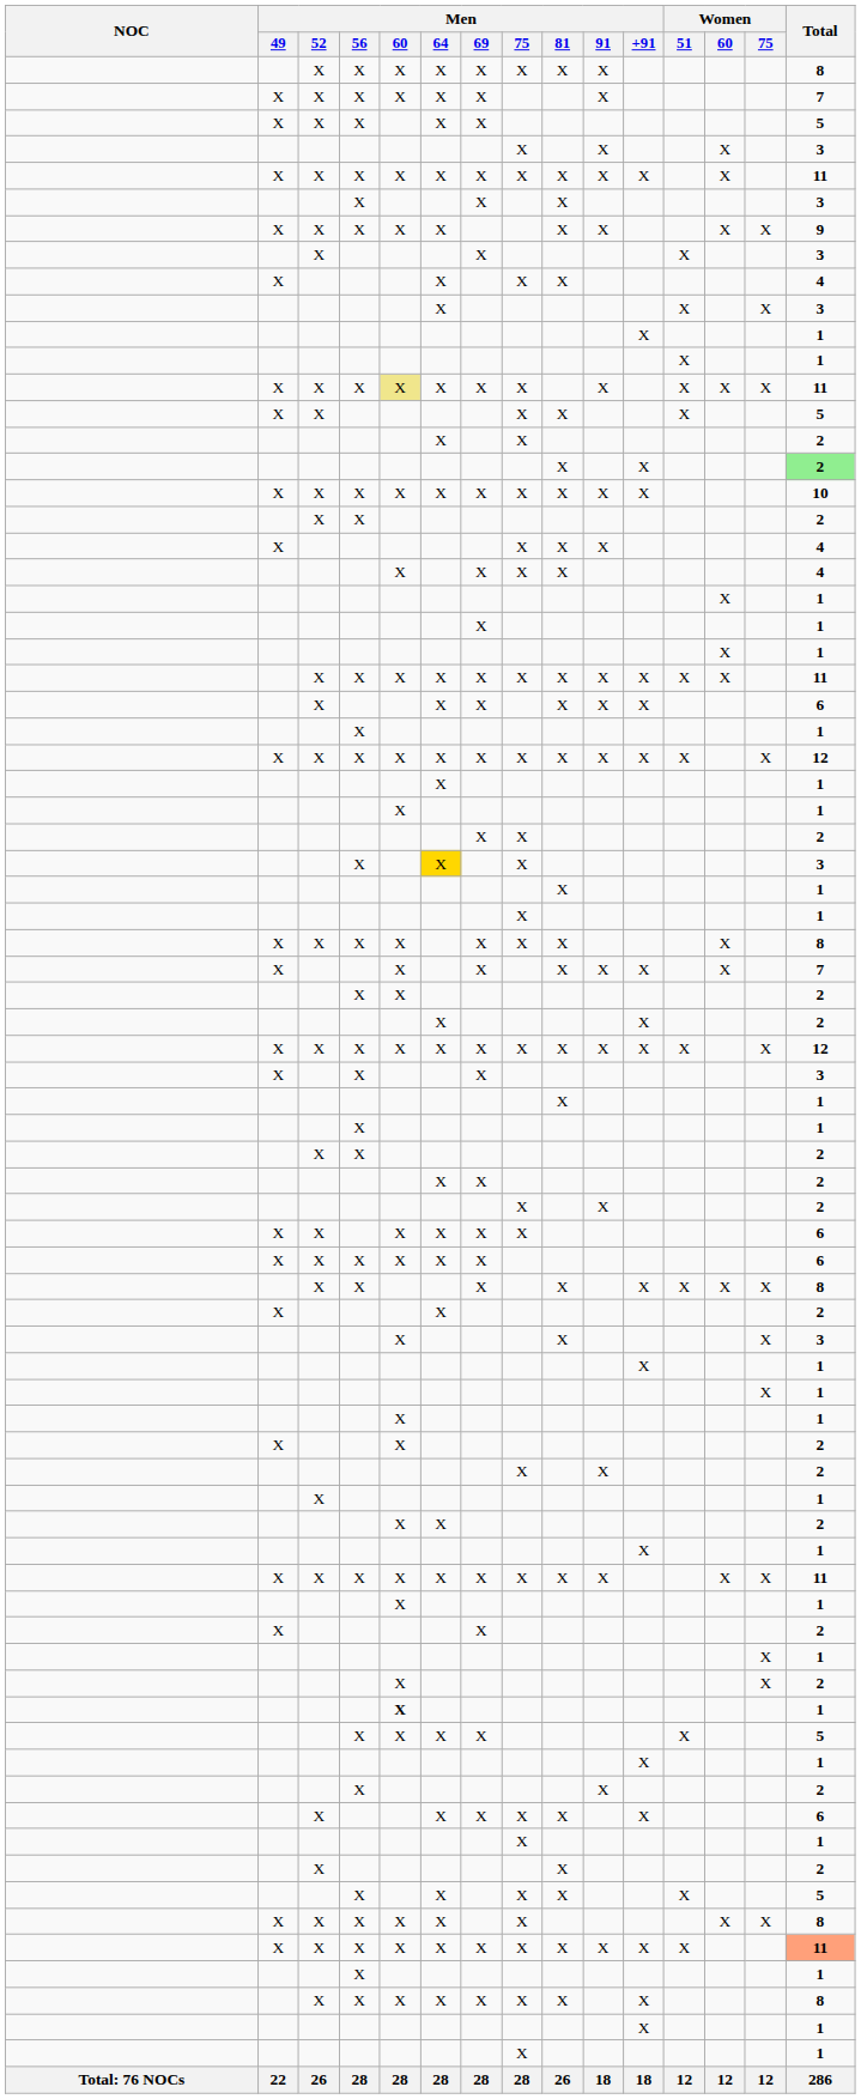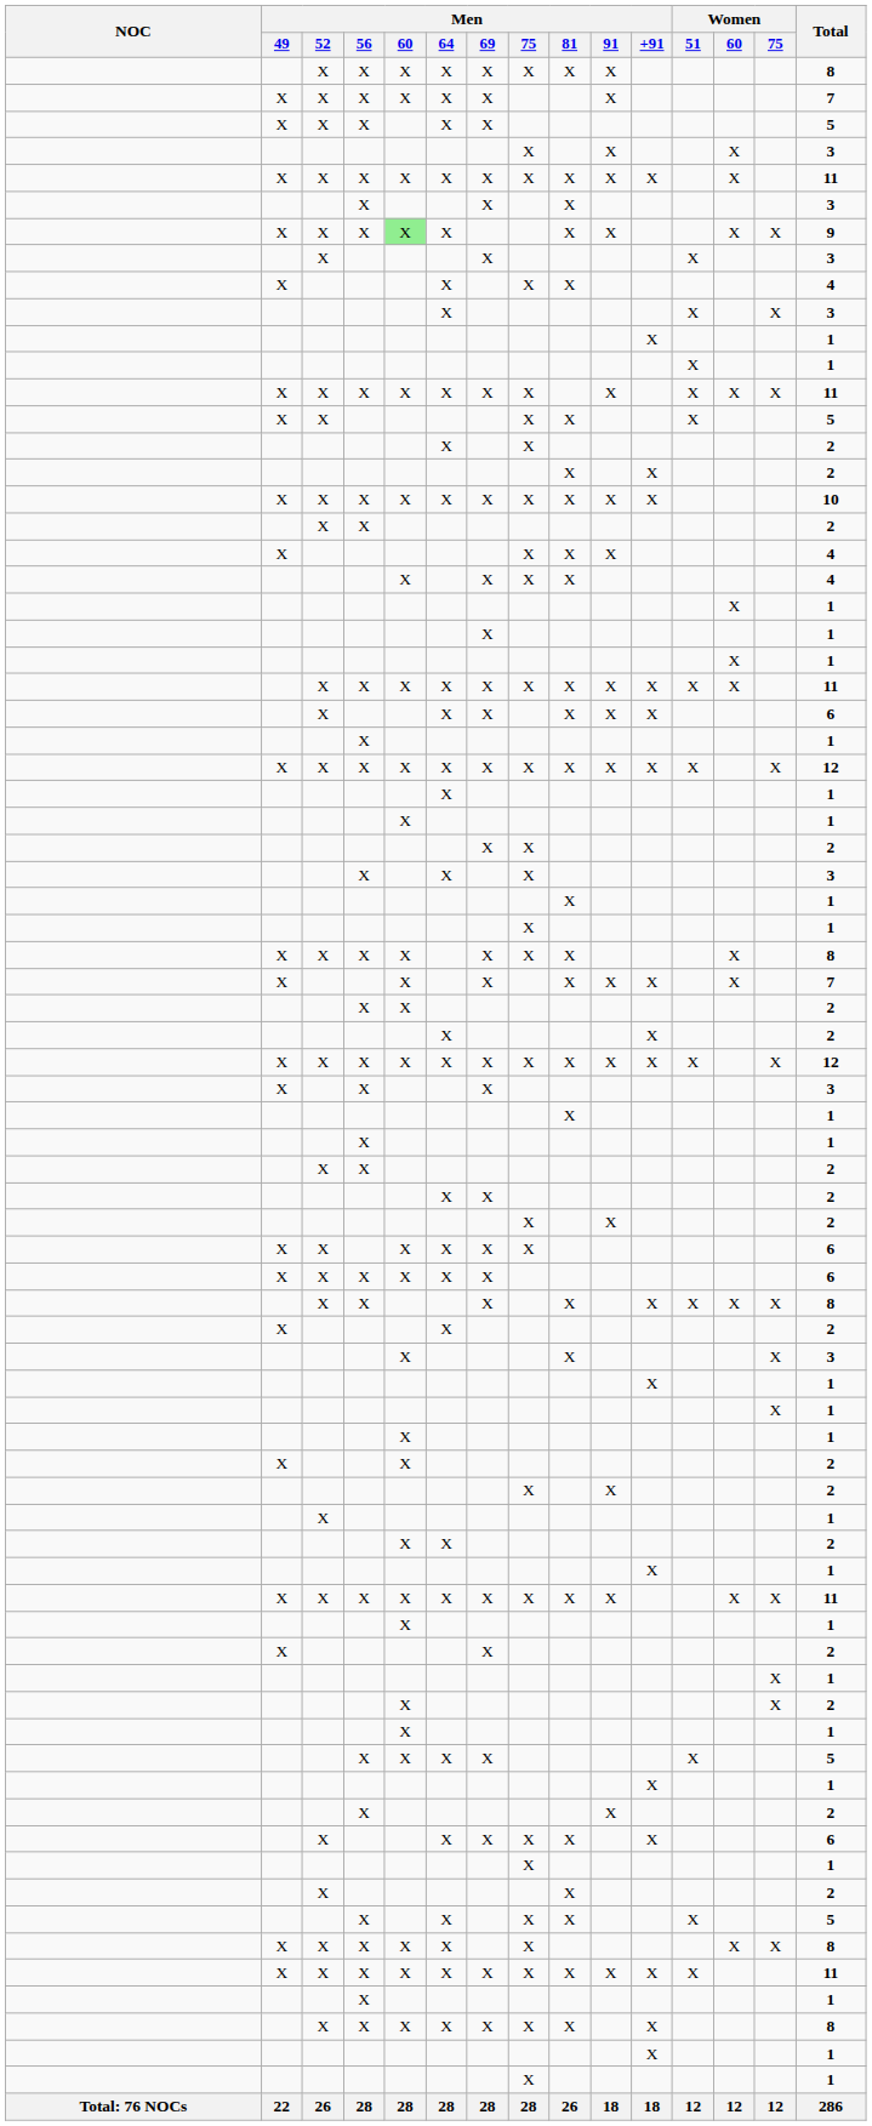 <table class="wikitable" style="text-align:center; font-size:90%">
 <tr>
 <th rowspan="2" width=220 style="text-align:center;">NOC</th>
 <th colspan="10">Men</th>
 <th colspan=3>Women</th>
 <th ! width=55 rowspan="2">Total</th>
 </tr>
 <tr style="font-size: 95%">
 <th width=30><a href='#'>49</a></th>
 <th width=30><a href='#'>52</a></th>
 <th width=30><a href='#'>56</a></th>
 <th width=30><a href='#'>60</a></th>
 <th width=30><a href='#'>64</a></th>
 <th width=30><a href='#'>69</a></th>
 <th width=30><a href='#'>75</a></th>
 <th width=30><a href='#'>81</a></th>
 <th width=30><a href='#'>91</a></th>
 <th width=30><a href='#'>+91</a></th>
 <th width=30><a href='#'>51</a></th>
 <th width=30><a href='#'>60</a></th>
 <th width=30><a href='#'>75</a></th>
 </tr>
 <tr>
 <td style="text-align:left;"></td>
 <td></td>
 <td>X</td>
 <td>X</td>
 <td>X</td>
 <td>X</td>
 <td>X</td>
 <td>X</td>
 <td>X</td>
 <td>X</td>
 <td></td>
 <td></td>
 <td></td>
 <td></td>
 <td><strong>8</strong></td>
 </tr>
 <tr>
 <td style="text-align:left;"></td>
 <td>X</td>
 <td>X</td>
 <td>X</td>
 <td>X</td>
 <td>X</td>
 <td>X</td>
 <td></td>
 <td></td>
 <td>X</td>
 <td></td>
 <td></td>
 <td></td>
 <td></td>
 <td><strong>7</strong></td>
 </tr>
 <tr>
 <td style="text-align:left;"></td>
 <td>X</td>
 <td>X</td>
 <td>X</td>
 <td></td>
 <td>X</td>
 <td>X</td>
 <td></td>
 <td></td>
 <td></td>
 <td></td>
 <td></td>
 <td></td>
 <td></td>
 <td><strong>5</strong></td>
 </tr>
 <tr>
 <td style="text-align:left;"></td>
 <td></td>
 <td></td>
 <td></td>
 <td></td>
 <td></td>
 <td></td>
 <td>X</td>
 <td></td>
 <td>X</td>
 <td></td>
 <td></td>
 <td>X</td>
 <td></td>
 <td><strong>3</strong></td>
 </tr>
 <tr>
 <td style="text-align:left;"></td>
 <td>X</td>
 <td>X</td>
 <td>X</td>
 <td>X</td>
 <td>X</td>
 <td>X</td>
 <td>X</td>
 <td>X</td>
 <td>X</td>
 <td>X</td>
 <td></td>
 <td>X</td>
 <td></td>
 <td><strong>11</strong></td>
 </tr>
 <tr>
 <td style="text-align:left;"></td>
 <td></td>
 <td></td>
 <td>X</td>
 <td></td>
 <td></td>
 <td>X</td>
 <td></td>
 <td>X</td>
 <td></td>
 <td></td>
 <td></td>
 <td></td>
 <td></td>
 <td><strong>3</strong></td>
 </tr>
 <tr>
 <td style="text-align:left;"></td>
 <td>X</td>
 <td>X</td>
 <td>X</td>
-<td>X</td>
+<td style="background: lightgreen;">X</td>
 <td>X</td>
 <td></td>
 <td></td>
 <td>X</td>
 <td>X</td>
 <td></td>
 <td></td>
 <td>X</td>
 <td>X</td>
 <td><strong>9</strong></td>
 </tr>
 <tr>
 <td style="text-align:left;"></td>
 <td></td>
 <td>X</td>
 <td></td>
 <td></td>
 <td></td>
 <td>X</td>
 <td></td>
 <td></td>
 <td></td>
 <td></td>
 <td>X</td>
 <td></td>
 <td></td>
 <td><strong>3</strong></td>
 </tr>
 <tr>
 <td style="text-align:left;"></td>
 <td>X</td>
 <td></td>
 <td></td>
 <td></td>
 <td>X</td>
 <td></td>
 <td>X</td>
 <td>X</td>
 <td></td>
 <td></td>
 <td></td>
 <td></td>
 <td></td>
 <td><strong>4</strong></td>
 </tr>
 <tr>
 <td style="text-align:left;"></td>
 <td></td>
 <td></td>
 <td></td>
 <td></td>
 <td>X</td>
 <td></td>
 <td></td>
 <td></td>
 <td></td>
 <td></td>
 <td>X</td>
 <td></td>
 <td>X</td>
 <td><strong>3</strong></td>
 </tr>
 <tr>
 <td style="text-align:left;"></td>
 <td></td>
 <td></td>
 <td></td>
 <td></td>
 <td></td>
 <td></td>
 <td></td>
 <td></td>
 <td></td>
 <td>X</td>
 <td></td>
 <td></td>
 <td></td>
 <td><strong>1</strong></td>
 </tr>
 <tr>
 <td style="text-align:left;"></td>
 <td></td>
 <td></td>
 <td></td>
 <td></td>
 <td></td>
 <td></td>
 <td></td>
 <td></td>
 <td></td>
 <td></td>
 <td>X</td>
 <td></td>
 <td></td>
 <td><strong>1</strong></td>
 </tr>
 <tr>
 <td style="text-align:left;"></td>
 <td>X</td>
 <td>X</td>
 <td>X</td>
-<td style="background: khaki;">X</td>
+<td>X</td>
 <td>X</td>
 <td>X</td>
 <td>X</td>
 <td></td>
 <td>X</td>
 <td></td>
 <td>X</td>
 <td>X</td>
 <td>X</td>
 <td><strong>11</strong></td>
 </tr>
 <tr>
 <td style="text-align:left;"></td>
 <td>X</td>
 <td>X</td>
 <td></td>
 <td></td>
 <td></td>
 <td></td>
 <td>X</td>
 <td>X</td>
 <td></td>
 <td></td>
 <td>X</td>
 <td></td>
 <td></td>
 <td><strong>5</strong></td>
 </tr>
 <tr>
 <td style="text-align:left;"></td>
 <td></td>
 <td></td>
 <td></td>
 <td></td>
 <td>X</td>
 <td></td>
 <td>X</td>
 <td></td>
 <td></td>
 <td></td>
 <td></td>
 <td></td>
 <td></td>
 <td><strong>2</strong></td>
 </tr>
 <tr>
 <td style="text-align:left;"></td>
 <td></td>
 <td></td>
 <td></td>
 <td></td>
 <td></td>
 <td></td>
 <td></td>
 <td>X</td>
 <td></td>
 <td>X</td>
 <td></td>
 <td></td>
 <td></td>
-<td style="background: lightgreen;"><strong>2</strong></td>
+<td><strong>2</strong></td>
 </tr>
 <tr>
 <td style="text-align:left;"></td>
 <td>X</td>
 <td>X</td>
 <td>X</td>
 <td>X</td>
 <td>X</td>
 <td>X</td>
 <td>X</td>
 <td>X</td>
 <td>X</td>
 <td>X</td>
 <td></td>
 <td></td>
 <td></td>
 <td><strong>10</strong></td>
 </tr>
 <tr>
 <td style="text-align:left;"></td>
 <td></td>
 <td>X</td>
 <td>X</td>
 <td></td>
 <td></td>
 <td></td>
 <td></td>
 <td></td>
 <td></td>
 <td></td>
 <td></td>
 <td></td>
 <td></td>
 <td><strong>2</strong></td>
 </tr>
 <tr>
 <td style="text-align:left;"></td>
 <td>X</td>
 <td></td>
 <td></td>
 <td></td>
 <td></td>
 <td></td>
 <td>X</td>
 <td>X</td>
 <td>X</td>
 <td></td>
 <td></td>
 <td></td>
 <td></td>
 <td><strong>4</strong></td>
 </tr>
 <tr>
 <td style="text-align:left;"></td>
 <td></td>
 <td></td>
 <td></td>
 <td>X</td>
 <td></td>
 <td>X</td>
 <td>X</td>
 <td>X</td>
 <td></td>
 <td></td>
 <td></td>
 <td></td>
 <td></td>
 <td><strong>4</strong></td>
 </tr>
 <tr>
 <td style="text-align:left;"></td>
 <td></td>
 <td></td>
 <td></td>
 <td></td>
 <td></td>
 <td></td>
 <td></td>
 <td></td>
 <td></td>
 <td></td>
 <td></td>
 <td>X</td>
 <td></td>
 <td><strong>1</strong></td>
 </tr>
 <tr>
 <td style="text-align:left;"></td>
 <td></td>
 <td></td>
 <td></td>
 <td></td>
 <td></td>
 <td>X</td>
 <td></td>
 <td></td>
 <td></td>
 <td></td>
 <td></td>
 <td></td>
 <td></td>
 <td><strong>1</strong></td>
 </tr>
 <tr>
 <td style="text-align:left;"></td>
 <td></td>
 <td></td>
 <td></td>
 <td></td>
 <td></td>
 <td></td>
 <td></td>
 <td></td>
 <td></td>
 <td></td>
 <td></td>
 <td>X</td>
 <td></td>
 <td><strong>1</strong></td>
 </tr>
 <tr>
 <td style="text-align:left;"></td>
 <td></td>
 <td>X</td>
 <td>X</td>
 <td>X</td>
 <td>X</td>
 <td>X</td>
 <td>X</td>
 <td>X</td>
 <td>X</td>
 <td>X</td>
 <td>X</td>
 <td>X</td>
 <td></td>
 <td><strong>11</strong></td>
 </tr>
 <tr>
 <td style="text-align:left;"></td>
 <td></td>
 <td>X</td>
 <td></td>
 <td></td>
 <td>X</td>
 <td>X</td>
 <td></td>
 <td>X</td>
 <td>X</td>
 <td>X</td>
 <td></td>
 <td></td>
 <td></td>
 <td><strong>6</strong></td>
 </tr>
 <tr>
 <td style="text-align:left;"></td>
 <td></td>
 <td></td>
 <td>X</td>
 <td></td>
 <td></td>
 <td></td>
 <td></td>
 <td></td>
 <td></td>
 <td></td>
 <td></td>
 <td></td>
 <td></td>
 <td><strong>1</strong></td>
 </tr>
 <tr>
 <td style="text-align:left;"></td>
 <td>X</td>
 <td>X</td>
 <td>X</td>
 <td>X</td>
 <td>X</td>
 <td>X</td>
 <td>X</td>
 <td>X</td>
 <td>X</td>
 <td>X</td>
 <td>X</td>
 <td></td>
 <td>X</td>
 <td><strong>12</strong></td>
 </tr>
 <tr>
 <td style="text-align:left;"></td>
 <td></td>
 <td></td>
 <td></td>
 <td></td>
 <td>X</td>
 <td></td>
 <td></td>
 <td></td>
 <td></td>
 <td></td>
 <td></td>
 <td></td>
 <td></td>
 <td><strong>1</strong></td>
 </tr>
 <tr>
 <td style="text-align:left;"></td>
 <td></td>
 <td></td>
 <td></td>
 <td>X</td>
 <td></td>
 <td></td>
 <td></td>
 <td></td>
 <td></td>
 <td></td>
 <td></td>
 <td></td>
 <td></td>
 <td><strong>1</strong></td>
 </tr>
 <tr>
 <td style="text-align:left;"></td>
 <td></td>
 <td></td>
 <td></td>
 <td></td>
 <td></td>
 <td>X</td>
 <td>X</td>
 <td></td>
 <td></td>
 <td></td>
 <td></td>
 <td></td>
 <td></td>
 <td><strong>2</strong></td>
 </tr>
 <tr>
 <td style="text-align:left;"></td>
 <td></td>
 <td></td>
 <td>X</td>
 <td></td>
-<td style="background: gold;">X</td>
+<td>X</td>
 <td></td>
 <td>X</td>
 <td></td>
 <td></td>
 <td></td>
 <td></td>
 <td></td>
 <td></td>
 <td><strong>3</strong></td>
 </tr>
 <tr>
 <td style="text-align:left;"></td>
 <td></td>
 <td></td>
 <td></td>
 <td></td>
 <td></td>
 <td></td>
 <td></td>
 <td>X</td>
 <td></td>
 <td></td>
 <td></td>
 <td></td>
 <td></td>
 <td><strong>1</strong></td>
 </tr>
 <tr>
 <td style="text-align:left;"></td>
 <td></td>
 <td></td>
 <td></td>
 <td></td>
 <td></td>
 <td></td>
 <td>X</td>
 <td></td>
 <td></td>
 <td></td>
 <td></td>
 <td></td>
 <td></td>
 <td><strong>1</strong></td>
 </tr>
 <tr>
 <td style="text-align:left;"></td>
 <td>X</td>
 <td>X</td>
 <td>X</td>
 <td>X</td>
 <td></td>
 <td>X</td>
 <td>X</td>
 <td>X</td>
 <td></td>
 <td></td>
 <td></td>
 <td>X</td>
 <td></td>
 <td><strong>8</strong></td>
 </tr>
 <tr>
 <td style="text-align:left;"></td>
 <td>X</td>
 <td></td>
 <td></td>
 <td>X</td>
 <td></td>
 <td>X</td>
 <td></td>
 <td>X</td>
 <td>X</td>
 <td>X</td>
 <td></td>
 <td>X</td>
 <td></td>
 <td><strong>7</strong></td>
 </tr>
 <tr>
 <td style="text-align:left;"></td>
 <td></td>
 <td></td>
 <td>X</td>
 <td>X</td>
 <td></td>
 <td></td>
 <td></td>
 <td></td>
 <td></td>
 <td></td>
 <td></td>
 <td></td>
 <td></td>
 <td><strong>2</strong></td>
 </tr>
 <tr>
 <td style="text-align:left;"></td>
 <td></td>
 <td></td>
 <td></td>
 <td></td>
 <td>X</td>
 <td></td>
 <td></td>
 <td></td>
 <td></td>
 <td>X</td>
 <td></td>
 <td></td>
 <td></td>
 <td><strong>2</strong></td>
 </tr>
 <tr>
 <td style="text-align:left;"></td>
 <td>X</td>
 <td>X</td>
 <td>X</td>
 <td>X</td>
 <td>X</td>
 <td>X</td>
 <td>X</td>
 <td>X</td>
 <td>X</td>
 <td>X</td>
 <td>X</td>
 <td></td>
 <td>X</td>
 <td><strong>12</strong></td>
 </tr>
 <tr>
 <td style="text-align:left;"></td>
 <td>X</td>
 <td></td>
 <td>X</td>
 <td></td>
 <td></td>
 <td>X</td>
 <td></td>
 <td></td>
 <td></td>
 <td></td>
 <td></td>
 <td></td>
 <td></td>
 <td><strong>3</strong></td>
 </tr>
 <tr>
 <td style="text-align:left;"></td>
 <td></td>
 <td></td>
 <td></td>
 <td></td>
 <td></td>
 <td></td>
 <td></td>
 <td>X</td>
 <td></td>
 <td></td>
 <td></td>
 <td></td>
 <td></td>
 <td><strong>1</strong></td>
 </tr>
 <tr>
 <td style="text-align:left;"></td>
 <td></td>
 <td></td>
 <td>X</td>
 <td></td>
 <td></td>
 <td></td>
 <td></td>
 <td></td>
 <td></td>
 <td></td>
 <td></td>
 <td></td>
 <td></td>
 <td><strong>1</strong></td>
 </tr>
 <tr>
 <td style="text-align:left;"></td>
 <td></td>
 <td>X</td>
 <td>X</td>
 <td></td>
 <td></td>
 <td></td>
 <td></td>
 <td></td>
 <td></td>
 <td></td>
 <td></td>
 <td></td>
 <td></td>
 <td><strong>2</strong></td>
 </tr>
 <tr>
 <td style="text-align:left;"></td>
 <td></td>
 <td></td>
 <td></td>
 <td></td>
 <td>X</td>
 <td>X</td>
 <td></td>
 <td></td>
 <td></td>
 <td></td>
 <td></td>
 <td></td>
 <td></td>
 <td><strong>2</strong></td>
 </tr>
 <tr>
 <td style="text-align:left;"></td>
 <td></td>
 <td></td>
 <td></td>
 <td></td>
 <td></td>
 <td></td>
 <td>X</td>
 <td></td>
 <td>X</td>
 <td></td>
 <td></td>
 <td></td>
 <td></td>
 <td><strong>2</strong></td>
 </tr>
 <tr>
 <td style="text-align:left;"></td>
 <td>X</td>
 <td>X</td>
 <td></td>
 <td>X</td>
 <td>X</td>
 <td>X</td>
 <td>X</td>
 <td></td>
 <td></td>
 <td></td>
 <td></td>
 <td></td>
 <td></td>
 <td><strong>6</strong></td>
 </tr>
 <tr>
 <td style="text-align:left;"></td>
 <td>X</td>
 <td>X</td>
 <td>X</td>
 <td>X</td>
 <td>X</td>
 <td>X</td>
 <td></td>
 <td></td>
 <td></td>
 <td></td>
 <td></td>
 <td></td>
 <td></td>
 <td><strong>6</strong></td>
 </tr>
 <tr>
 <td style="text-align:left;"></td>
 <td></td>
 <td>X</td>
 <td>X</td>
 <td></td>
 <td></td>
 <td>X</td>
 <td></td>
 <td>X</td>
 <td></td>
 <td>X</td>
 <td>X</td>
 <td>X</td>
 <td>X</td>
 <td><strong>8</strong></td>
 </tr>
 <tr>
 <td style="text-align:left;"></td>
 <td>X</td>
 <td></td>
 <td></td>
 <td></td>
 <td>X</td>
 <td></td>
 <td></td>
 <td></td>
 <td></td>
 <td></td>
 <td></td>
 <td></td>
 <td></td>
 <td><strong>2</strong></td>
 </tr>
 <tr>
 <td style="text-align:left;"></td>
 <td></td>
 <td></td>
 <td></td>
 <td>X</td>
 <td></td>
 <td></td>
 <td></td>
 <td>X</td>
 <td></td>
 <td></td>
 <td></td>
 <td></td>
 <td>X</td>
 <td><strong>3</strong></td>
 </tr>
 <tr>
 <td style="text-align:left;"></td>
 <td></td>
 <td></td>
 <td></td>
 <td></td>
 <td></td>
 <td></td>
 <td></td>
 <td></td>
 <td></td>
 <td>X</td>
 <td></td>
 <td></td>
 <td></td>
 <td><strong>1</strong></td>
 </tr>
 <tr>
 <td style="text-align:left;"></td>
 <td></td>
 <td></td>
 <td></td>
 <td></td>
 <td></td>
 <td></td>
 <td></td>
 <td></td>
 <td></td>
 <td></td>
 <td></td>
 <td></td>
 <td>X</td>
 <td><strong>1</strong></td>
 </tr>
 <tr>
 <td style="text-align:left;"></td>
 <td></td>
 <td></td>
 <td></td>
 <td>X</td>
 <td></td>
 <td></td>
 <td></td>
 <td></td>
 <td></td>
 <td></td>
 <td></td>
 <td></td>
 <td></td>
 <td><strong>1</strong></td>
 </tr>
 <tr>
 <td style="text-align:left;"></td>
 <td>X</td>
 <td></td>
 <td></td>
 <td>X</td>
 <td></td>
 <td></td>
 <td></td>
 <td></td>
 <td></td>
 <td></td>
 <td></td>
 <td></td>
 <td></td>
 <td><strong>2</strong></td>
 </tr>
 <tr>
 <td style="text-align:left;"></td>
 <td></td>
 <td></td>
 <td></td>
 <td></td>
 <td></td>
 <td></td>
 <td>X</td>
 <td></td>
 <td>X</td>
 <td></td>
 <td></td>
 <td></td>
 <td></td>
 <td><strong>2</strong></td>
 </tr>
 <tr>
 <td style="text-align:left;"></td>
 <td></td>
 <td>X</td>
 <td></td>
 <td></td>
 <td></td>
 <td></td>
 <td></td>
 <td></td>
 <td></td>
 <td></td>
 <td></td>
 <td></td>
 <td></td>
 <td><strong>1</strong></td>
 </tr>
 <tr>
 <td style="text-align:left;"></td>
 <td></td>
 <td></td>
 <td></td>
 <td>X</td>
 <td>X</td>
 <td></td>
 <td></td>
 <td></td>
 <td></td>
 <td></td>
 <td></td>
 <td></td>
 <td></td>
 <td><strong>2</strong></td>
 </tr>
 <tr>
 <td style="text-align:left;"></td>
 <td></td>
 <td></td>
 <td></td>
 <td></td>
 <td></td>
 <td></td>
 <td></td>
 <td></td>
 <td></td>
 <td>X</td>
 <td></td>
 <td></td>
 <td></td>
 <td><strong>1</strong></td>
 </tr>
 <tr>
 <td style="text-align:left;"></td>
 <td>X</td>
 <td>X</td>
 <td>X</td>
 <td>X</td>
 <td>X</td>
 <td>X</td>
 <td>X</td>
 <td>X</td>
 <td>X</td>
 <td></td>
 <td></td>
 <td>X</td>
 <td>X</td>
 <td><strong>11</strong></td>
 </tr>
 <tr>
 <td style="text-align:left;"></td>
 <td></td>
 <td></td>
 <td></td>
 <td>X</td>
 <td></td>
 <td></td>
 <td></td>
 <td></td>
 <td></td>
 <td></td>
 <td></td>
 <td></td>
 <td></td>
 <td><strong>1</strong></td>
 </tr>
 <tr>
 <td style="text-align:left;"></td>
 <td>X</td>
 <td></td>
 <td></td>
 <td></td>
 <td></td>
 <td>X</td>
 <td></td>
 <td></td>
 <td></td>
 <td></td>
 <td></td>
 <td></td>
 <td></td>
 <td><strong>2</strong></td>
 </tr>
 <tr>
 <td style="text-align:left;"></td>
 <td></td>
 <td></td>
 <td></td>
 <td></td>
 <td></td>
 <td></td>
 <td></td>
 <td></td>
 <td></td>
 <td></td>
 <td></td>
 <td></td>
 <td>X</td>
 <td><strong>1</strong></td>
 </tr>
 <tr>
 <td style="text-align:left;"></td>
 <td></td>
 <td></td>
 <td></td>
 <td>X</td>
 <td></td>
 <td></td>
 <td></td>
 <td></td>
 <td></td>
 <td></td>
 <td></td>
 <td></td>
 <td>X</td>
 <td><strong>2</strong></td>
 </tr>
 <tr>
 <td style="text-align:left;"></td>
 <td></td>
 <td></td>
 <td></td>
-<td><strong>X</strong></td>
+<td>X</td>
 <td></td>
 <td></td>
 <td></td>
 <td></td>
 <td></td>
 <td></td>
 <td></td>
 <td></td>
 <td></td>
 <td><strong>1</strong></td>
 </tr>
 <tr>
 <td style="text-align:left;"></td>
 <td></td>
 <td></td>
 <td>X</td>
 <td>X</td>
 <td>X</td>
 <td>X</td>
 <td></td>
 <td></td>
 <td></td>
 <td></td>
 <td>X</td>
 <td></td>
 <td></td>
 <td><strong>5</strong></td>
 </tr>
 <tr>
 <td style="text-align:left;"></td>
 <td></td>
 <td></td>
 <td></td>
 <td></td>
 <td></td>
 <td></td>
 <td></td>
 <td></td>
 <td></td>
 <td>X</td>
 <td></td>
 <td></td>
 <td></td>
 <td><strong>1</strong></td>
 </tr>
 <tr>
 <td style="text-align:left;"></td>
 <td></td>
 <td></td>
 <td>X</td>
 <td></td>
 <td></td>
 <td></td>
 <td></td>
 <td></td>
 <td>X</td>
 <td></td>
 <td></td>
 <td></td>
 <td></td>
 <td><strong>2</strong></td>
 </tr>
 <tr>
 <td style="text-align:left;"></td>
 <td></td>
 <td>X</td>
 <td></td>
 <td></td>
 <td>X</td>
 <td>X</td>
 <td>X</td>
 <td>X</td>
 <td></td>
 <td>X</td>
 <td></td>
 <td></td>
 <td></td>
 <td><strong>6</strong></td>
 </tr>
 <tr>
 <td style="text-align:left;"></td>
 <td></td>
 <td></td>
 <td></td>
 <td></td>
 <td></td>
 <td></td>
 <td>X</td>
 <td></td>
 <td></td>
 <td></td>
 <td></td>
 <td></td>
 <td></td>
 <td><strong>1</strong></td>
 </tr>
 <tr>
 <td style="text-align:left;"></td>
 <td></td>
 <td>X</td>
 <td></td>
 <td></td>
 <td></td>
 <td></td>
 <td></td>
 <td>X</td>
 <td></td>
 <td></td>
 <td></td>
 <td></td>
 <td></td>
 <td><strong>2</strong></td>
 </tr>
 <tr>
 <td style="text-align:left;"></td>
 <td></td>
 <td></td>
 <td>X</td>
 <td></td>
 <td>X</td>
 <td></td>
 <td>X</td>
 <td>X</td>
 <td></td>
 <td></td>
 <td>X</td>
 <td></td>
 <td></td>
 <td><strong>5</strong></td>
 </tr>
 <tr>
 <td style="text-align:left;"></td>
 <td>X</td>
 <td>X</td>
 <td>X</td>
 <td>X</td>
 <td>X</td>
 <td></td>
 <td>X</td>
 <td></td>
 <td></td>
 <td></td>
 <td></td>
 <td>X</td>
 <td>X</td>
 <td><strong>8</strong></td>
 </tr>
 <tr>
 <td style="text-align:left;"></td>
 <td>X</td>
 <td>X</td>
 <td>X</td>
 <td>X</td>
 <td>X</td>
 <td>X</td>
 <td>X</td>
 <td>X</td>
 <td>X</td>
 <td>X</td>
 <td>X</td>
 <td></td>
 <td></td>
-<td style="background: lightsalmon;"><strong>11</strong></td>
+<td><strong>11</strong></td>
 </tr>
 <tr>
 <td style="text-align:left;"></td>
 <td></td>
 <td></td>
 <td>X</td>
 <td></td>
 <td></td>
 <td></td>
 <td></td>
 <td></td>
 <td></td>
 <td></td>
 <td></td>
 <td></td>
 <td></td>
 <td><strong>1</strong></td>
 </tr>
 <tr>
 <td style="text-align:left;"></td>
 <td></td>
 <td>X</td>
 <td>X</td>
 <td>X</td>
 <td>X</td>
 <td>X</td>
 <td>X</td>
 <td>X</td>
 <td></td>
 <td>X</td>
 <td></td>
 <td></td>
 <td></td>
 <td><strong>8</strong></td>
 </tr>
 <tr>
 <td style="text-align:left;"></td>
 <td></td>
 <td></td>
 <td></td>
 <td></td>
 <td></td>
 <td></td>
 <td></td>
 <td></td>
 <td></td>
 <td>X</td>
 <td></td>
 <td></td>
 <td></td>
 <td><strong>1</strong></td>
 </tr>
 <tr>
 <td style="text-align:left;"></td>
 <td></td>
 <td></td>
 <td></td>
 <td></td>
 <td></td>
 <td></td>
 <td>X</td>
 <td></td>
 <td></td>
 <td></td>
 <td></td>
 <td></td>
 <td></td>
 <td><strong>1</strong></td>
 </tr>
 <tr>
 <th>Total: 76 NOCs</th>
 <th>22</th>
 <th>26</th>
 <th>28</th>
 <th>28</th>
 <th>28</th>
 <th>28</th>
 <th>28</th>
 <th>26</th>
 <th>18</th>
 <th>18</th>
 <th>12</th>
 <th>12</th>
 <th>12</th>
 <th>286</th>
 </tr>
 </table>
